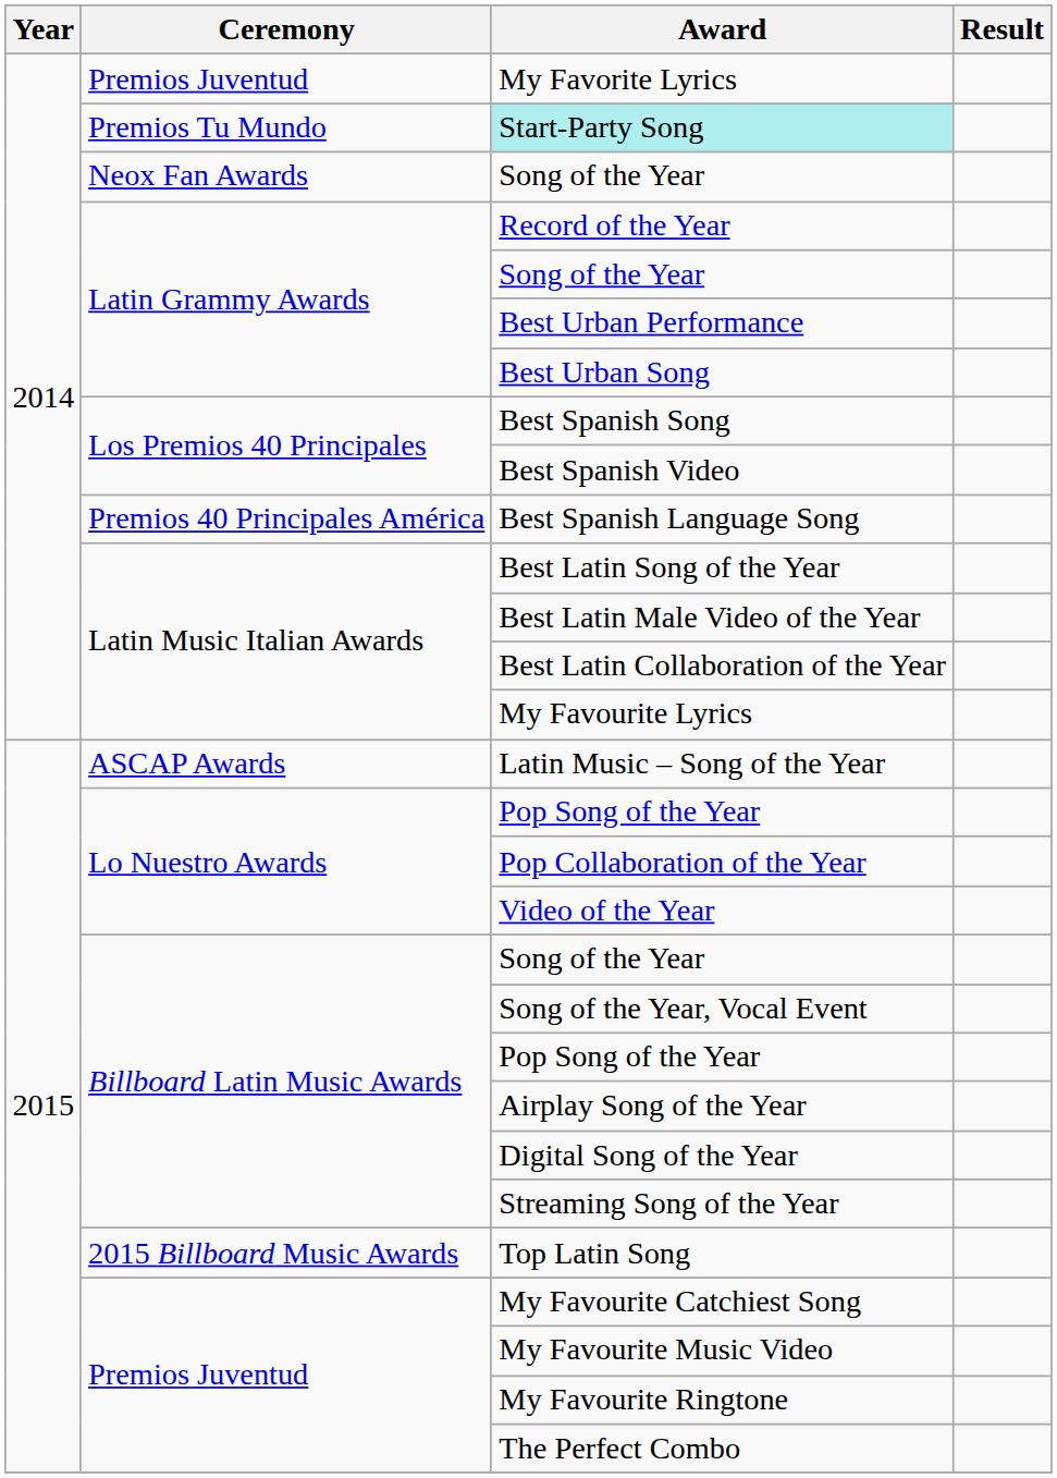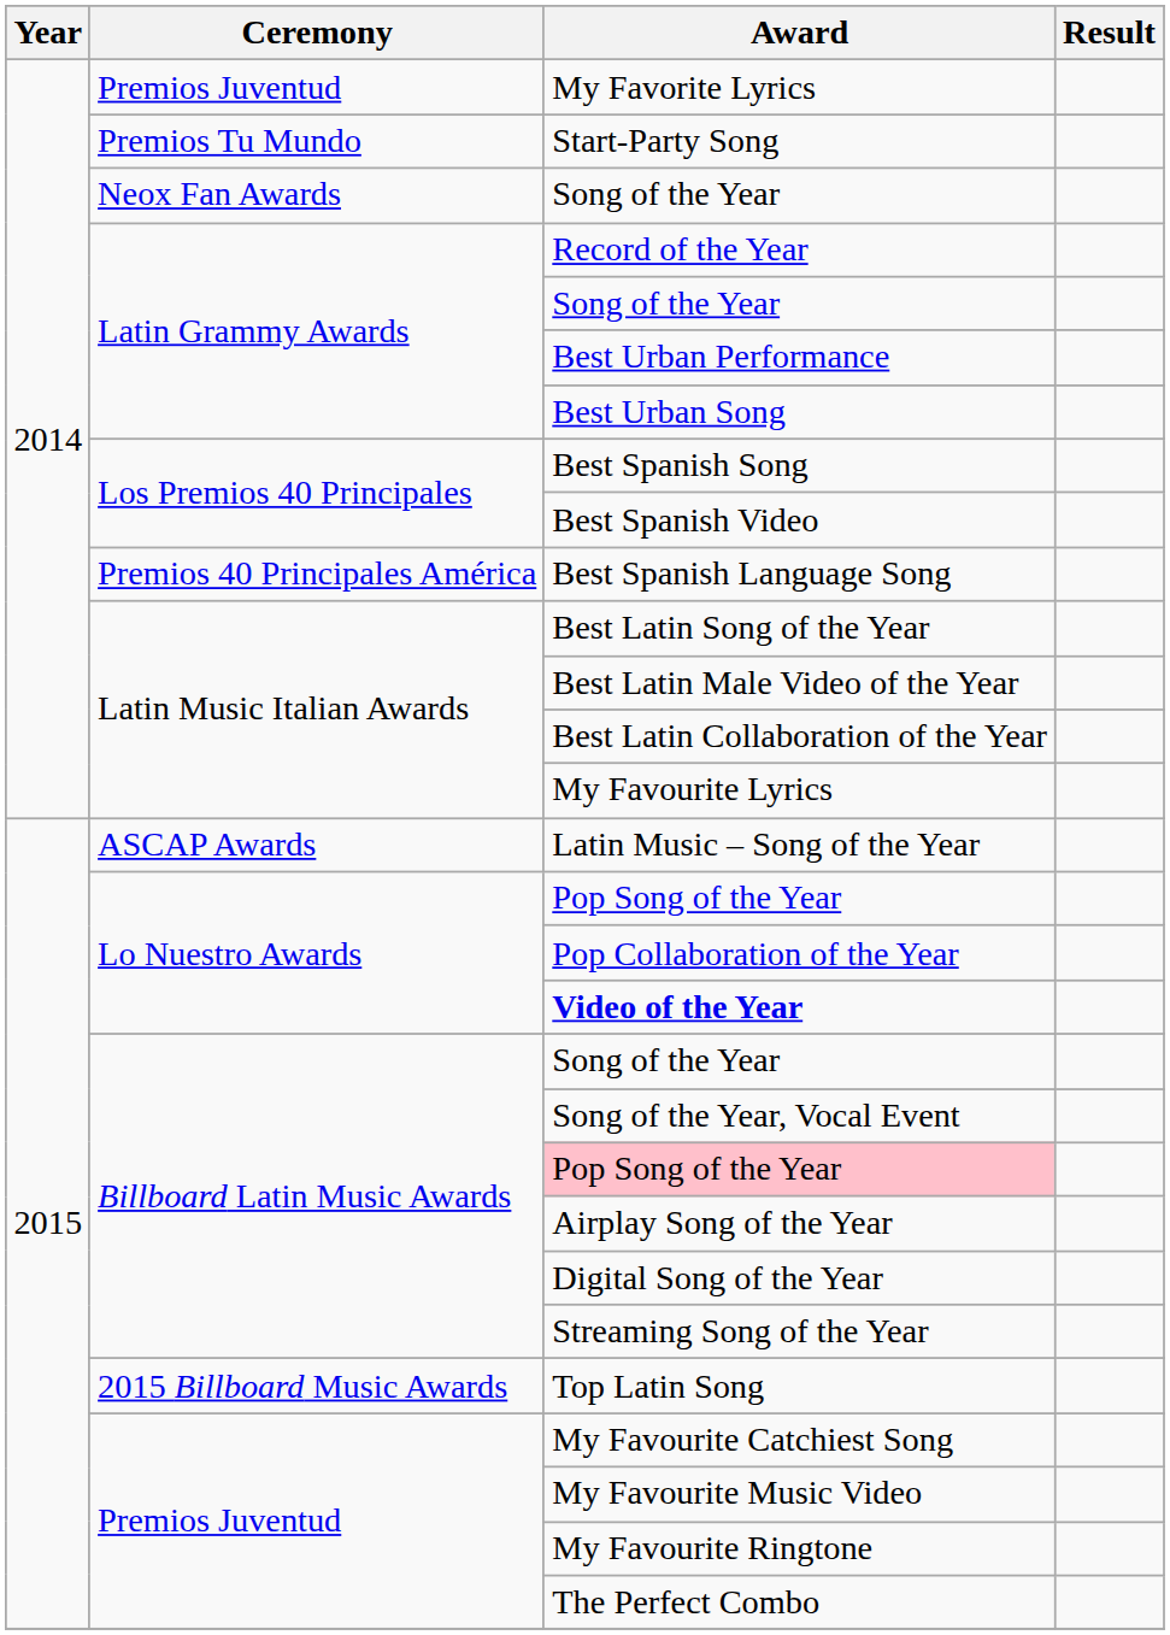 <table class="wikitable">
 <tr>
 <th>Year</th>
 <th>Ceremony</th>
 <th>Award</th>
 <th>Result</th>
 </tr>
 <tr>
 <td rowspan=14>2014</td>
 <td><a href='#'>Premios Juventud</a></td>
 <td>My Favorite Lyrics</td>
 <td></td>
 </tr>
 <tr>
 <td><a href='#'>Premios Tu Mundo</a></td>
-<td style="background: paleturquoise;">Start-Party Song</td>
+<td>Start-Party Song</td>
 <td></td>
 </tr>
 <tr>
 <td><a href='#'>Neox Fan Awards</a></td>
 <td>Song of the Year</td>
 <td></td>
 </tr>
 <tr>
 <td rowspan=4><a href='#'>Latin Grammy Awards</a></td>
 <td><a href='#'>Record of the Year</a></td>
 <td></td>
 </tr>
 <tr>
 <td><a href='#'>Song of the Year</a></td>
 <td></td>
 </tr>
 <tr>
 <td><a href='#'>Best Urban Performance</a></td>
 <td></td>
 </tr>
 <tr>
 <td><a href='#'>Best Urban Song</a></td>
 <td></td>
 </tr>
 <tr>
 <td rowspan=2><a href='#'>Los Premios 40 Principales</a></td>
 <td>Best Spanish Song</td>
 <td></td>
 </tr>
 <tr>
 <td>Best Spanish Video</td>
 <td></td>
 </tr>
 <tr>
 <td><a href='#'>Premios 40 Principales América</a></td>
 <td>Best Spanish Language Song</td>
 <td></td>
 </tr>
 <tr>
 <td rowspan=4>Latin Music Italian Awards</td>
 <td>Best Latin Song of the Year</td>
 <td></td>
 </tr>
 <tr>
 <td>Best Latin Male Video of the Year</td>
 <td></td>
 </tr>
 <tr>
 <td>Best Latin Collaboration of the Year</td>
 <td></td>
 </tr>
 <tr>
 <td>My Favourite Lyrics</td>
 <td></td>
 </tr>
 <tr>
 <td rowspan=15>2015</td>
 <td><a href='#'>ASCAP Awards</a></td>
 <td>Latin Music – Song of the Year</td>
 <td></td>
 </tr>
 <tr>
 <td rowspan=3><a href='#'>Lo Nuestro Awards</a></td>
 <td><a href='#'>Pop Song of the Year</a></td>
 <td></td>
 </tr>
 <tr>
 <td><a href='#'>Pop Collaboration of the Year</a></td>
 <td></td>
 </tr>
 <tr>
-<td><a href='#'>Video of the Year</a></td>
+<td><strong><a href='#'>Video of the Year</a></strong></td>
 <td></td>
 </tr>
 <tr>
 <td rowspan=6><a href='#'><em>Billboard</em> Latin Music Awards</a></td>
 <td>Song of the Year</td>
 <td></td>
 </tr>
 <tr>
 <td>Song of the Year, Vocal Event</td>
 <td></td>
 </tr>
 <tr>
-<td>Pop Song of the Year</td>
+<td style="background: pink;">Pop Song of the Year</td>
 <td></td>
 </tr>
 <tr>
 <td>Airplay Song of the Year</td>
 <td></td>
 </tr>
 <tr>
 <td>Digital Song of the Year</td>
 <td></td>
 </tr>
 <tr>
 <td>Streaming Song of the Year</td>
 <td></td>
 </tr>
 <tr>
 <td><a href='#'>2015 <em>Billboard</em> Music Awards</a></td>
 <td>Top Latin Song</td>
 <td></td>
 </tr>
 <tr>
 <td rowspan=4><a href='#'>Premios Juventud</a></td>
 <td>My Favourite Catchiest Song</td>
 <td></td>
 </tr>
 <tr>
 <td>My Favourite Music Video</td>
 <td></td>
 </tr>
 <tr>
 <td>My Favourite Ringtone</td>
 <td></td>
 </tr>
 <tr>
 <td>The Perfect Combo</td>
 <td></td>
 </tr>
 <tr>
 </tr>
 </table>
